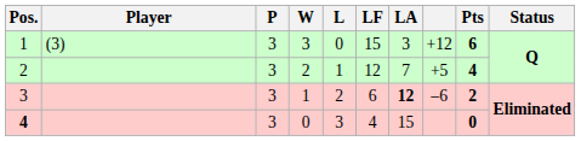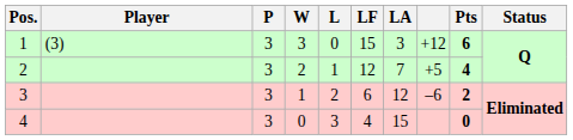 <table class="wikitable" style="text-align:center; margin: 1em auto 1em auto, align:left">
 <tr>
 <th width=25>Pos.</th>
 <th width=200>Player</th>
 <th width=25>P</th>
 <th width=25>W</th>
 <th width=25>L</th>
 <th width=25>LF</th>
 <th width=25>LA</th>
 <th width=25></th>
 <th width=25>Pts</th>
 <th width=75>Status</th>
 </tr>
 <tr style="background:#CCFFCC;">
 <td>1</td>
 <td align=left>(3)</td>
 <td>3</td>
 <td>3</td>
 <td>0</td>
 <td>15</td>
 <td>3</td>
 <td>+12</td>
 <td><strong>6</strong></td>
 <td rowspan=2><strong>Q</strong></td>
 </tr>
 <tr style="background:#CCFFCC;">
 <td>2</td>
 <td align=left></td>
 <td>3</td>
 <td>2</td>
 <td>1</td>
 <td>12</td>
 <td>7</td>
 <td>+5</td>
 <td><strong>4</strong></td>
 </tr>
 <tr style="background:#FFCCCC;">
 <td>3</td>
 <td align=left></td>
 <td>3</td>
 <td>1</td>
 <td>2</td>
 <td>6</td>
-<td><strong>12</strong></td>
+<td>12</td>
 <td>–6</td>
 <td><strong>2</strong></td>
 <td rowspan=2><strong>Eliminated</strong></td>
 </tr>
 <tr style="background:#FFCCCC;">
-<td><strong>4</strong></td>
+<td>4</td>
 <td align=left></td>
 <td>3</td>
 <td>0</td>
 <td>3</td>
 <td>4</td>
 <td>15</td>
 <td></td>
 <td><strong>0</strong></td>
 </tr>
 </table>
